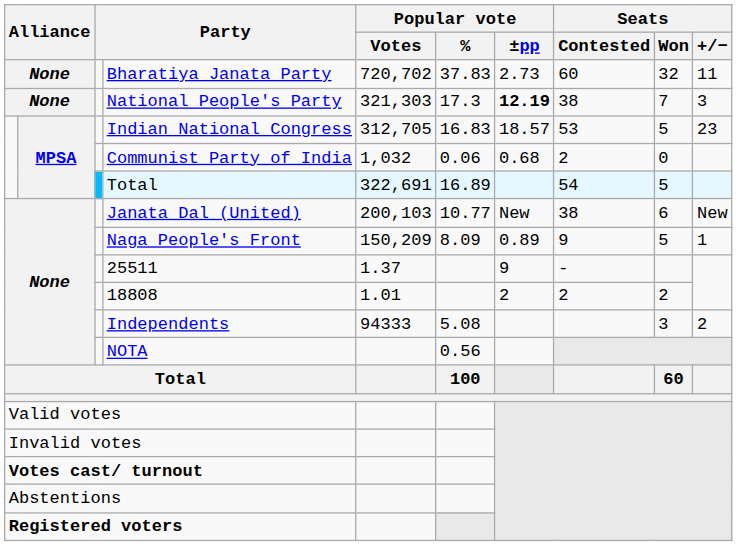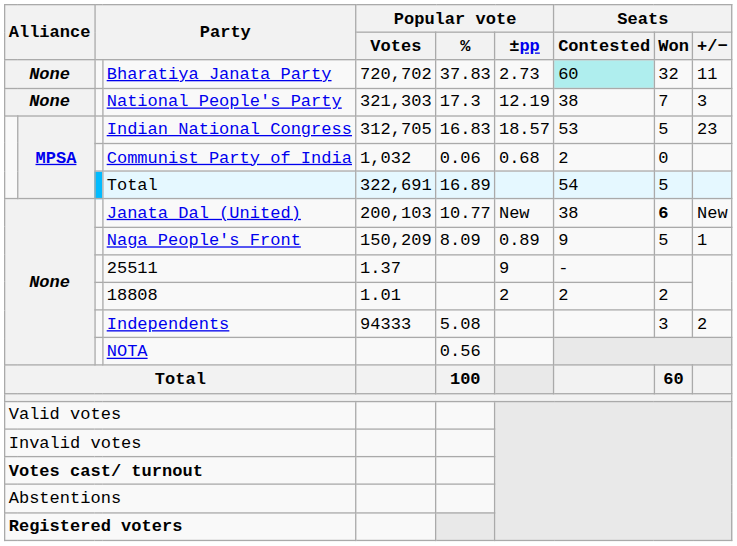 <table class="wikitable sortable">
 <tr>
 <th colspan="2" rowspan="2">Alliance</th>
 <th colspan="2" rowspan="2">Party</th>
 <th colspan="3">Popular vote</th>
 <th colspan="3">Seats</th>
 </tr>
 <tr>
 <th>Votes</th>
 <th>%</th>
 <th>±<a href='#'>pp</a></th>
 <th>Contested</th>
 <th>Won</th>
 <th><strong>+/−</strong></th>
 </tr>
 <tr>
 <th colspan="2"><em>None</em></th>
 <td></td>
 <td><a href='#'>Bharatiya Janata Party</a></td>
 <td>720,702</td>
 <td>37.83</td>
 <td>2.73</td>
-<td>60</td>
+<td style="background: paleturquoise;">60</td>
 <td>32</td>
 <td>11</td>
 </tr>
 <tr>
 <th colspan="2"><em>None</em></th>
 <td></td>
 <td><a href='#'>National People's Party</a></td>
 <td>321,303</td>
 <td>17.3</td>
-<td><strong>12.19</strong></td>
+<td>12.19</td>
 <td>38 </td>
 <td>7</td>
 <td>3</td>
 </tr>
 <tr>
 <td rowspan="3"></td>
 <th rowspan="3"><a href='#'>MPSA</a></th>
 <td></td>
 <td><a href='#'>Indian National Congress</a></td>
 <td>312,705</td>
 <td>16.83</td>
 <td>18.57</td>
 <td>53</td>
 <td>5</td>
 <td>23</td>
 </tr>
 <tr>
 <td></td>
 <td><a href='#'>Communist Party of India</a></td>
 <td>1,032</td>
 <td>0.06</td>
 <td>0.68</td>
 <td>2</td>
 <td>0</td>
 <td></td>
 </tr>
 <tr>
 <td style="background:#00bbff"></td>
 <td style="background:#e5f8ff">Total</td>
 <td style="background:#e5f8ff">322,691</td>
 <td style="background:#e5f8ff">16.89</td>
 <td style="background:#e5f8ff"></td>
 <td style="background:#e5f8ff">54</td>
 <td style="background:#e5f8ff">5</td>
 <td style="background:#e5f8ff"></td>
 </tr>
 <tr>
 <th colspan="2" rowspan="6"><em>None</em></th>
 <td></td>
 <td><a href='#'>Janata Dal (United)</a></td>
 <td>200,103</td>
 <td>10.77</td>
 <td>New</td>
 <td>38</td>
-<td>6</td>
+<td><strong>6</strong></td>
 <td>New</td>
 </tr>
 <tr>
 <td></td>
 <td><a href='#'>Naga People's Front</a></td>
 <td>150,209</td>
 <td>8.09</td>
 <td>0.89</td>
 <td>9</td>
 <td>5</td>
 <td>1</td>
 </tr>
 <tr>
 <td></td>
 <td>25511</td>
 <td>1.37</td>
 <td></td>
 <td>9</td>
 <td>-</td>
 <td></td>
 </tr>
 <tr>
 <td></td>
 <td>18808</td>
 <td>1.01</td>
 <td></td>
 <td>2</td>
 <td>2</td>
 <td>2</td>
 </tr>
 <tr>
 <td></td>
 <td><a href='#'>Independents</a></td>
 <td>94333</td>
 <td>5.08</td>
 <td></td>
 <td></td>
 <td>3</td>
 <td>2</td>
 </tr>
 <tr>
 <td></td>
 <td><a href='#'>NOTA</a></td>
 <td></td>
 <td>0.56</td>
 <td></td>
 <th colspan="3" style="background-color:#E9E9E9"></th>
 </tr>
 <tr>
 <th colspan="4">Total</th>
 <th></th>
 <th>100</th>
 <th style="background-color:#E9E9E9"></th>
 <th></th>
 <th>60</th>
 <th></th>
 </tr>
 <tr>
 <th colspan="10"></th>
 </tr>
 <tr>
 <td colspan="4" style="text-align:left;">Valid votes</td>
 <td align="right"></td>
 <td align="right"></td>
 <th colspan="4" rowspan="5" style="background-color:#E9E9E9"></th>
 </tr>
 <tr>
 <td colspan="4" style="text-align:left;">Invalid votes</td>
 <td align="right"></td>
 <td align="right"></td>
 </tr>
 <tr>
 <td colspan="4" style="text-align:left;"><strong>Votes cast/ turnout</strong></td>
 <td align="right"></td>
 <td align="right"></td>
 </tr>
 <tr>
 <td colspan="4" style="text-align:left;">Abstentions</td>
 <td align="right"></td>
 <td align="right"></td>
 </tr>
 <tr>
 <td colspan="4" style="text-align:left;"><strong>Registered voters</strong></td>
 <td align="right"></td>
 <td style="background-color:#E9E9E9"></td>
 </tr>
 </table>
